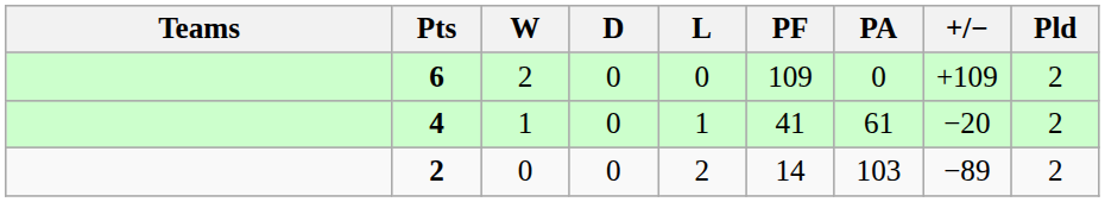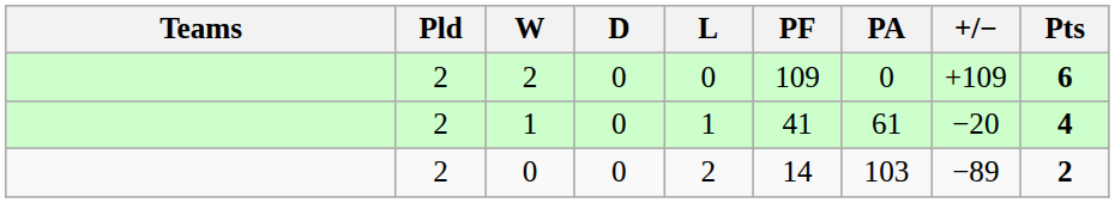 <table class="wikitable" style="text-align: center;">
 <tr>
 <th width="200">Teams</th>
-<th width="40">Pts</th>
+<th width="40">Pld</th>
 <th width="40">W</th>
 <th width="40">D</th>
 <th width="40">L</th>
 <th width="40">PF</th>
 <th width="40">PA</th>
 <th width="40">+/−</th>
-<th width="40">Pld</th>
+<th width="40">Pts</th>
 </tr>
 <tr bgcolor=ccffcc>
 <td align=left></td>
-<td><strong>6</strong></td>
+<td>2</td>
 <td>2</td>
 <td>0</td>
 <td>0</td>
 <td>109</td>
 <td>0</td>
 <td>+109</td>
-<td>2</td>
+<td><strong>6</strong></td>
 </tr>
 <tr bgcolor=ccffcc>
 <td align=left></td>
-<td><strong>4</strong></td>
+<td>2</td>
 <td>1</td>
 <td>0</td>
 <td>1</td>
 <td>41</td>
 <td>61</td>
 <td>−20</td>
-<td>2</td>
+<td><strong>4</strong></td>
 </tr>
 <tr>
 <td align=left></td>
-<td><strong>2</strong></td>
+<td>2</td>
 <td>0</td>
 <td>0</td>
 <td>2</td>
 <td>14</td>
 <td>103</td>
 <td>−89</td>
-<td>2</td>
+<td><strong>2</strong></td>
 </tr>
 </table>
